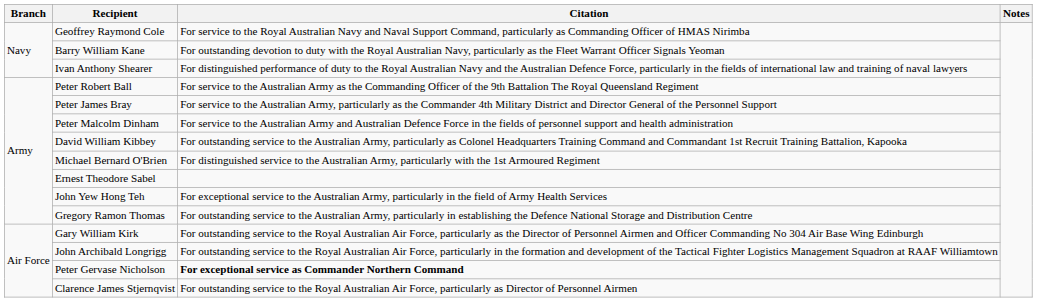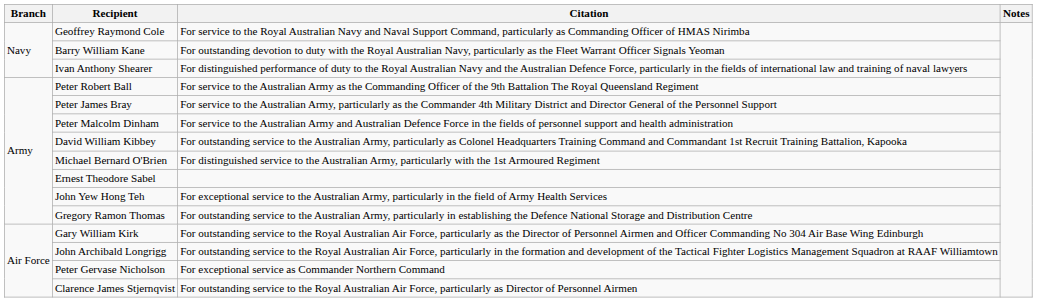 <table class="wikitable" style="font-size:95%;">
 <tr>
 <th>Branch</th>
 <th>Recipient</th>
 <th>Citation</th>
 <th>Notes</th>
 </tr>
 <tr>
 <td rowspan=3>Navy</td>
 <td> Geoffrey Raymond Cole</td>
 <td>For service to the Royal Australian Navy and Naval Support Command, particularly as Commanding Officer of HMAS Nirimba</td>
 <td rowspan=15></td>
 </tr>
 <tr>
 <td> Barry William Kane</td>
 <td>For outstanding devotion to duty with the Royal Australian Navy, particularly as the Fleet Warrant Officer Signals Yeoman</td>
 </tr>
 <tr>
 <td> Ivan Anthony Shearer</td>
 <td>For distinguished performance of duty to the Royal Australian Navy and the Australian Defence Force, particularly in the fields of international law and training of naval lawyers</td>
 </tr>
 <tr>
 <td rowspan=8>Army</td>
 <td> Peter Robert Ball</td>
 <td>For service to the Australian Army as the Commanding Officer of the 9th Battalion The Royal Queensland Regiment</td>
 </tr>
 <tr>
 <td> Peter James Bray</td>
 <td>For service to the Australian Army, particularly as the Commander 4th Military District and Director General of the Personnel Support</td>
 </tr>
 <tr>
 <td> Peter Malcolm Dinham</td>
 <td>For service to the Australian Army and Australian Defence Force in the fields of personnel support and health administration</td>
 </tr>
 <tr>
 <td> David William Kibbey</td>
 <td>For outstanding service to the Australian Army, particularly as Colonel Headquarters Training Command and Commandant 1st Recruit Training Battalion, Kapooka</td>
 </tr>
 <tr>
 <td> Michael Bernard O'Brien</td>
 <td>For distinguished service to the Australian Army, particularly with the 1st Armoured Regiment</td>
 </tr>
 <tr>
 <td> Ernest Theodore Sabel</td>
 </tr>
 <tr>
 <td> John Yew Hong Teh</td>
 <td>For exceptional service to the Australian Army, particularly in the field of Army Health Services</td>
 </tr>
 <tr>
 <td> Gregory Ramon Thomas</td>
 <td>For outstanding service to the Australian Army, particularly in establishing the Defence National Storage and Distribution Centre</td>
 </tr>
 <tr>
 <td rowspan=4>Air Force</td>
 <td> Gary William Kirk</td>
 <td>For outstanding service to the Royal Australian Air Force, particularly as the Director of Personnel Airmen and Officer Commanding No 304 Air Base Wing Edinburgh</td>
 </tr>
 <tr>
 <td> John Archibald Longrigg</td>
 <td>For outstanding service to the Royal Australian Air Force, particularly in the formation and development of the Tactical Fighter Logistics Management Squadron at RAAF Williamtown</td>
 </tr>
 <tr>
 <td> Peter Gervase Nicholson</td>
-<td><strong>For exceptional service as Commander Northern Command</strong></td>
+<td>For exceptional service as Commander Northern Command</td>
 </tr>
 <tr>
 <td> Clarence James Stjernqvist</td>
 <td>For outstanding service to the Royal Australian Air Force, particularly as Director of Personnel Airmen</td>
 </tr>
 </table>
